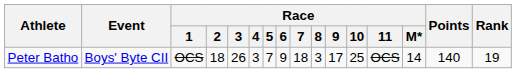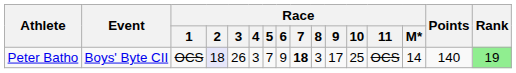 <table class="wikitable" border="1" style="font-size:90%">
 <tr>
 <th rowspan=2>Athlete</th>
 <th rowspan=2>Event</th>
 <th colspan=12>Race</th>
 <th rowspan=2>Points</th>
 <th rowspan=2>Rank</th>
 </tr>
 <tr>
 <th>1</th>
 <th>2</th>
 <th>3</th>
 <th>4</th>
 <th>5</th>
 <th>6</th>
 <th>7</th>
 <th>8</th>
 <th>9</th>
 <th>10</th>
 <th>11</th>
 <th>M*</th>
 </tr>
 <tr>
 <td><a href='#'>Peter Batho</a></td>
 <td><a href='#'>Boys' Byte CII</a></td>
 <td align=center><s>OCS</s></td>
-<td align=center>18</td>
+<td align=center style="background: lavender;">18</td>
 <td align=center>26</td>
 <td align=center>3</td>
 <td align=center>7</td>
 <td align=center>9</td>
-<td align=center>18</td>
+<td align=center><strong>18</strong></td>
 <td align=center>3</td>
 <td align=center>17</td>
 <td align=center>25</td>
 <td align=center><s>OCS</s></td>
 <td align=center>14</td>
 <td align=center>140</td>
-<td align=center>19</td>
+<td align=center style="background: lightgreen;">19</td>
 </tr>
 </table>
